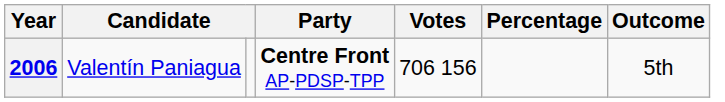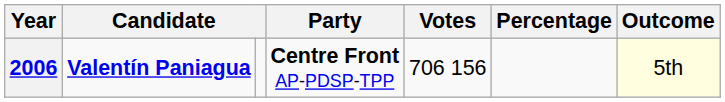 <table class="wikitable" style="text-align:center">
 <tr>
 <th>Year</th>
 <th colspan="2">Candidate</th>
 <th>Party</th>
 <th>Votes</th>
 <th>Percentage</th>
 <th>Outcome</th>
 </tr>
 <tr>
 <th><strong><a href='#'>2006</a></strong></th>
-<td><a href='#'>Valentín Paniagua</a></td>
+<td><strong><a href='#'>Valentín Paniagua</a></strong></td>
 <td></td>
 <td><strong>Centre Front</strong><br><small><a href='#'>AP</a>-<a href='#'>PDSP</a>-<a href='#'>TPP</a></small></td>
 <td>706 156</td>
 <td></td>
-<td>5th</td>
+<td style="background: lightyellow;">5th</td>
 </tr>
 </table>
